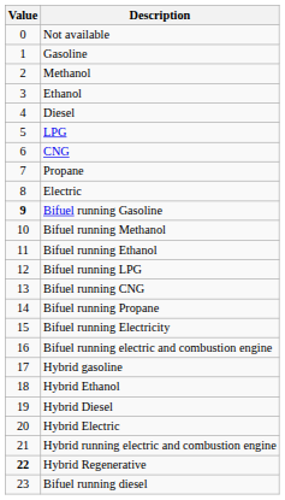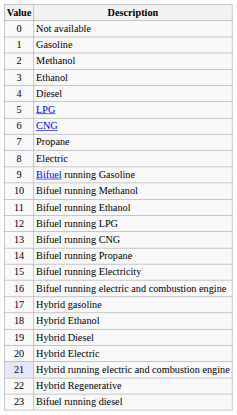 <table class="wikitable">
 <tr>
 <th>Value</th>
 <th>Description</th>
 </tr>
 <tr>
 <td align="center">0</td>
 <td>Not available</td>
 </tr>
 <tr>
 <td align="center">1</td>
 <td>Gasoline</td>
 </tr>
 <tr>
 <td align="center">2</td>
 <td>Methanol</td>
 </tr>
 <tr>
 <td align="center">3</td>
 <td>Ethanol</td>
 </tr>
 <tr>
 <td align="center">4</td>
 <td>Diesel</td>
 </tr>
 <tr>
 <td align="center">5</td>
 <td><a href='#'>LPG</a></td>
 </tr>
 <tr>
 <td align="center">6</td>
 <td><a href='#'>CNG</a></td>
 </tr>
 <tr>
 <td align="center">7</td>
 <td>Propane</td>
 </tr>
 <tr>
 <td align="center">8</td>
 <td>Electric</td>
 </tr>
 <tr>
-<td align="center"><strong>9</strong></td>
+<td align="center">9</td>
 <td><a href='#'>Bifuel</a> running Gasoline</td>
 </tr>
 <tr>
 <td align="center">10</td>
 <td>Bifuel running Methanol</td>
 </tr>
 <tr>
 <td align="center">11</td>
 <td>Bifuel running Ethanol</td>
 </tr>
 <tr>
 <td align="center">12</td>
 <td>Bifuel running LPG</td>
 </tr>
 <tr>
 <td align="center">13</td>
 <td>Bifuel running CNG</td>
 </tr>
 <tr>
 <td align="center">14</td>
 <td>Bifuel running Propane</td>
 </tr>
 <tr>
 <td align="center">15</td>
 <td>Bifuel running Electricity</td>
 </tr>
 <tr>
 <td align="center">16</td>
 <td>Bifuel running electric and combustion engine</td>
 </tr>
 <tr>
 <td align="center">17</td>
 <td>Hybrid gasoline</td>
 </tr>
 <tr>
 <td align="center">18</td>
 <td>Hybrid Ethanol</td>
 </tr>
 <tr>
 <td align="center">19</td>
 <td>Hybrid Diesel</td>
 </tr>
 <tr>
 <td align="center">20</td>
 <td>Hybrid Electric</td>
 </tr>
 <tr>
-<td align="center">21</td>
+<td align="center" style="background: lavender;">21</td>
 <td>Hybrid running electric and combustion engine</td>
 </tr>
 <tr>
-<td align="center"><strong>22</strong></td>
+<td align="center">22</td>
 <td>Hybrid Regenerative</td>
 </tr>
 <tr>
 <td align="center">23</td>
 <td>Bifuel running diesel</td>
 </tr>
 </table>
